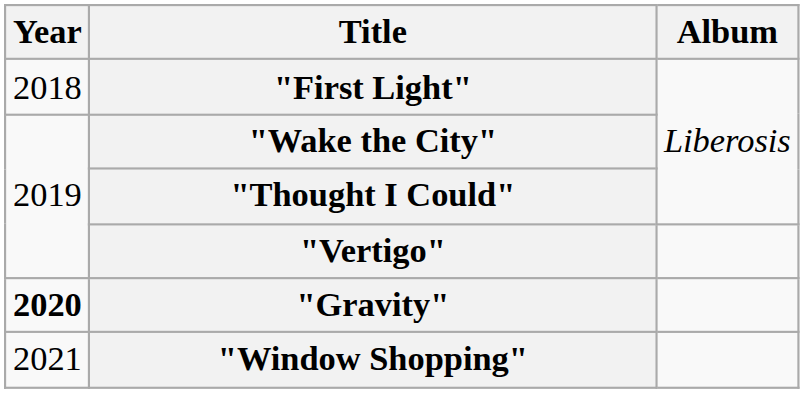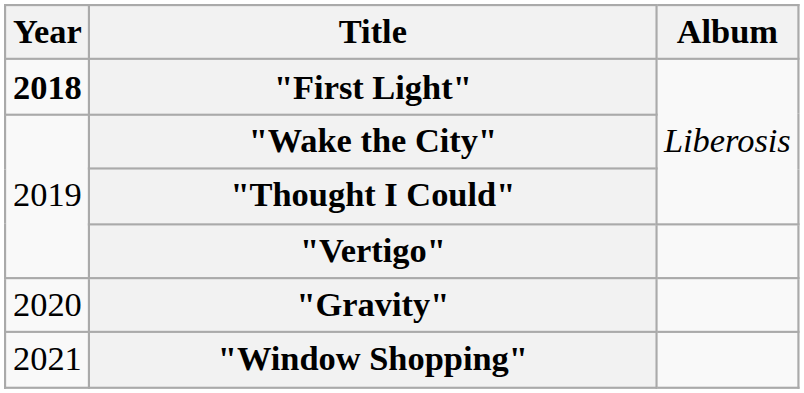 <table class="wikitable plainrowheaders" style="text-align:center;">
 <tr>
 <th scope="col" rowspan="1" style="width:1em;">Year</th>
 <th scope="col" rowspan="1" style="width:16em;">Title</th>
 <th scope="col" rowspan="1">Album</th>
 </tr>
 <tr>
-<td>2018</td>
+<td><strong>2018</strong></td>
 <th scope="row">"First Light"</th>
 <td rowspan="3"><em>Liberosis</em></td>
 </tr>
 <tr>
 <td rowspan="3">2019</td>
 <th scope="row">"Wake the City"</th>
 </tr>
 <tr>
 <th scope="row">"Thought I Could"</th>
 </tr>
 <tr>
 <th scope="row">"Vertigo" <br></th>
 <td></td>
 </tr>
 <tr>
-<td rowspan="1"><strong>2020</strong></td>
+<td rowspan="1">2020</td>
 <th scope="row">"Gravity"</th>
 <td></td>
 </tr>
 <tr>
 <td rowspan="1">2021</td>
 <th scope="row">"Window Shopping"</th>
 <td></td>
 </tr>
 </table>
